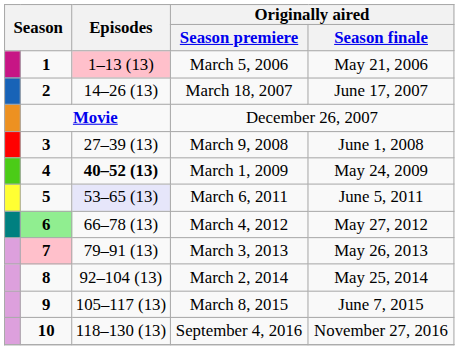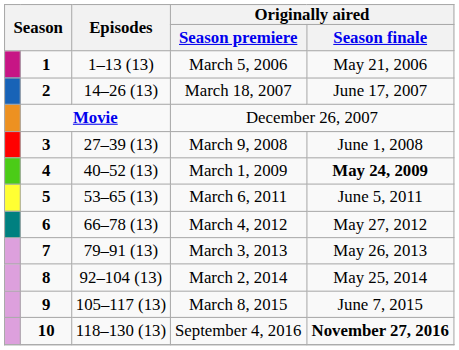 <table class="wikitable sortable mw-collapsible mw-collapsed">
 <tr>
 <th colspan="2" rowspan="2" style="padding: 0px 8px">Season</th>
 <th rowspan="2" style="padding: 0px 8px">Episodes</th>
 <th colspan="2" style="padding: 0px 80px">Originally aired<br></th>
 </tr>
 <tr>
 <th><a href='#'>Season premiere</a></th>
 <th><a href='#'>Season finale</a></th>
 </tr>
 <tr>
 <td style="background-color: #c71585; color: #100; text-align: center; top"></td>
 <td style="text-align: center; top"><strong>1</strong></td>
-<td style="background: pink; text-align: center; top">1–13 (13)</td>
+<td style="text-align: center; top">1–13 (13)</td>
 <td style="text-align: center; top">March 5, 2006</td>
 <td style="text-align: center; top">May 21, 2006</td>
 </tr>
 <tr>
 <td style="background-color: #1863b7; color: #100; text-align: center; top"></td>
 <td style="text-align: center; top"><strong>2</strong></td>
 <td style="text-align: center; top">14–26 (13)</td>
 <td style="text-align: center; top">March 18, 2007</td>
 <td style="text-align: center; top">June 17, 2007</td>
 </tr>
 <tr>
 <td style="background-color: #ED9121; color: #100; text-align: center; top"></td>
 <td colspan="2" style="text-align: center; top"><strong><a href='#'>Movie</a></strong></td>
 <td colspan="2" style="text-align: center; top">December 26, 2007</td>
 </tr>
 <tr>
 <td style="background-color: #FF0000; color: #100; text-align: center; top"></td>
 <td style="text-align: center; top"><strong>3</strong></td>
 <td style="text-align: center; top">27–39 (13)</td>
 <td style="text-align: center; top">March 9, 2008</td>
 <td style="text-align: center; top">June 1, 2008</td>
 </tr>
 <tr>
 <td style="background-color: #4BCC17; color: #100; text-align: center; top"></td>
 <td style="text-align: center; top"><strong>4</strong></td>
-<td style="text-align: center; top"><strong>40–52 (13)</strong></td>
+<td style="text-align: center; top">40–52 (13)</td>
 <td style="text-align: center; top">March 1, 2009</td>
-<td style="text-align: center; top">May 24, 2009</td>
+<td style="text-align: center; top"><strong>May 24, 2009</strong></td>
 </tr>
 <tr>
 <td style="background-color: #ffff33; color: #100; text-align: center; top"></td>
 <td style="text-align: center; top"><strong>5</strong></td>
-<td style="background: lavender; text-align: center; top">53–65 (13)</td>
+<td style="text-align: center; top">53–65 (13)</td>
 <td style="text-align: center; top">March 6, 2011</td>
 <td style="text-align: center; top">June 5, 2011</td>
 </tr>
 <tr>
 <td style="background-color: #008080; color: #100; text-align: center; top"></td>
-<td style="background: lightgreen; text-align: center; top"><strong>6</strong></td>
+<td style="text-align: center; top"><strong>6</strong></td>
 <td style="text-align: center; top">66–78 (13)</td>
 <td style="text-align: center; top">March 4, 2012</td>
 <td style="text-align: center; top">May 27, 2012</td>
 </tr>
 <tr>
 <td style="background-color: #DDA0DD; color: #100; text-align: center; top"></td>
-<td style="background: pink; text-align: center; top"><strong>7</strong></td>
+<td style="text-align: center; top"><strong>7</strong></td>
 <td style="text-align: center; top">79–91 (13)</td>
 <td style="text-align: center; top">March 3, 2013</td>
 <td style="text-align: center; top">May 26, 2013</td>
 </tr>
 <tr>
 <td style="background-color: #DDA0DD; color: #100; text-align: center; top"></td>
 <td style="text-align: center; top"><strong>8</strong></td>
 <td style="text-align: center; top">92–104 (13)</td>
 <td style="text-align: center; top">March 2, 2014</td>
 <td style="text-align: center; top">May 25, 2014</td>
 </tr>
 <tr>
 <td style="background-color: #DDA0DD; color: #100; text-align: center; top"></td>
 <td style="text-align: center; top"><strong>9</strong></td>
 <td style="text-align: center; top">105–117 (13)</td>
 <td style="text-align: center; top">March 8, 2015</td>
 <td style="text-align: center; top">June 7, 2015</td>
 </tr>
 <tr>
 <td style="background-color: #DDA0DD; color: #100; text-align: center; top"></td>
 <td style="text-align: center; top"><strong>10</strong></td>
 <td style="text-align: center; top">118–130 (13)</td>
 <td style="text-align: center; top">September 4, 2016</td>
-<td style="text-align: center; top">November 27, 2016</td>
+<td style="text-align: center; top"><strong>November 27, 2016</strong></td>
 </tr>
 <tr>
 </tr>
 </table>
